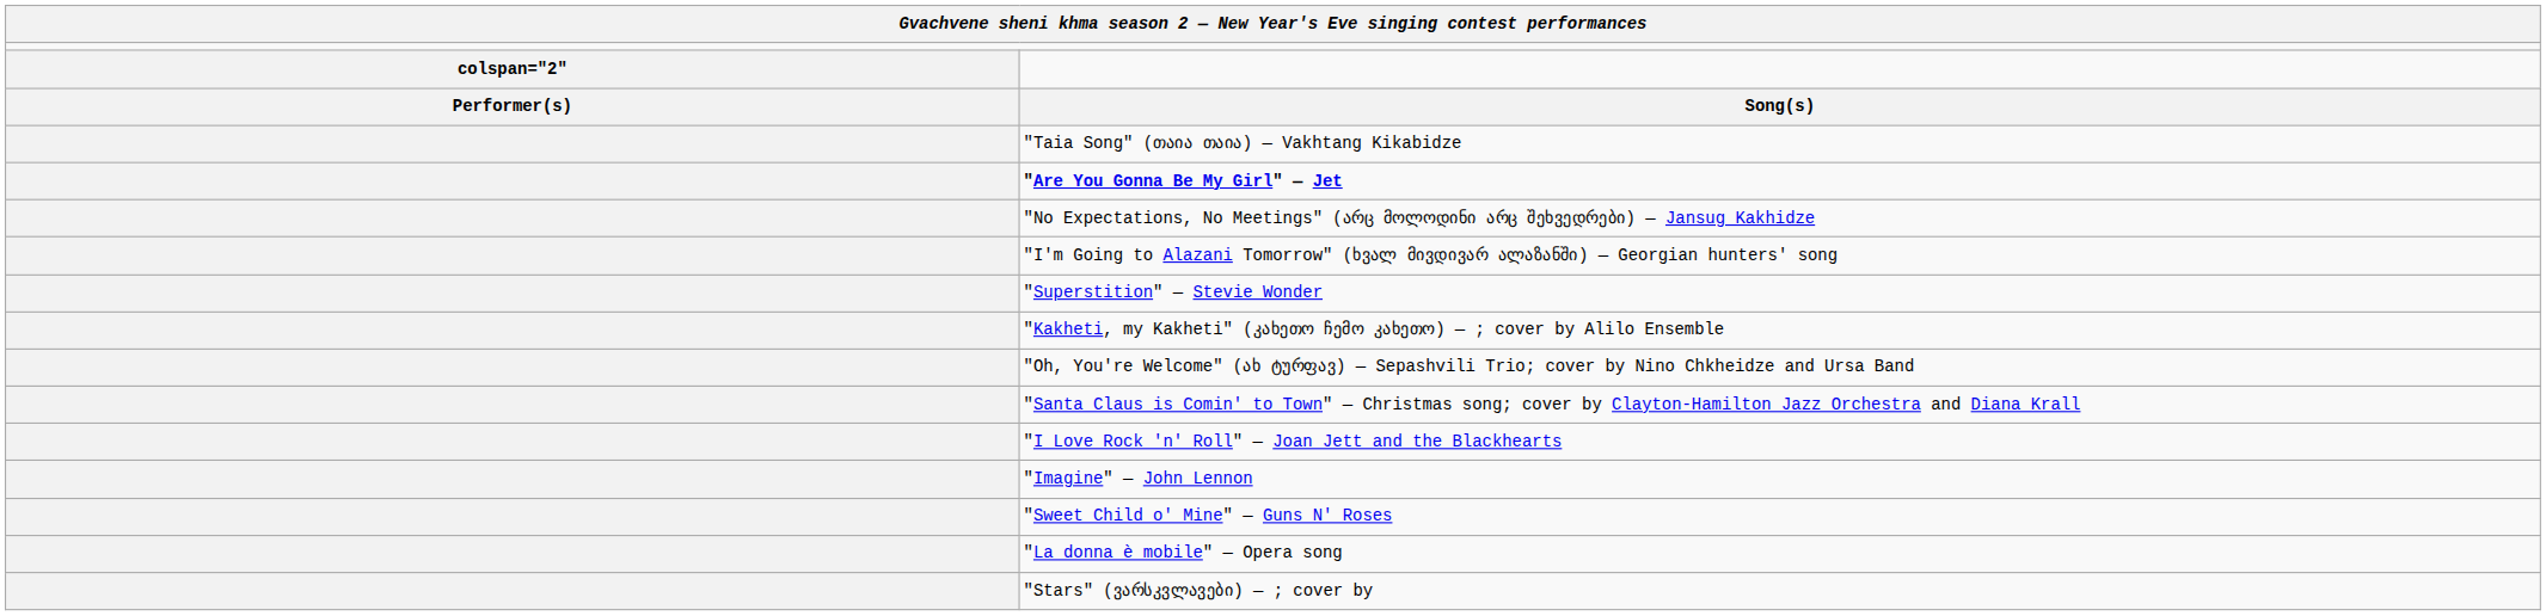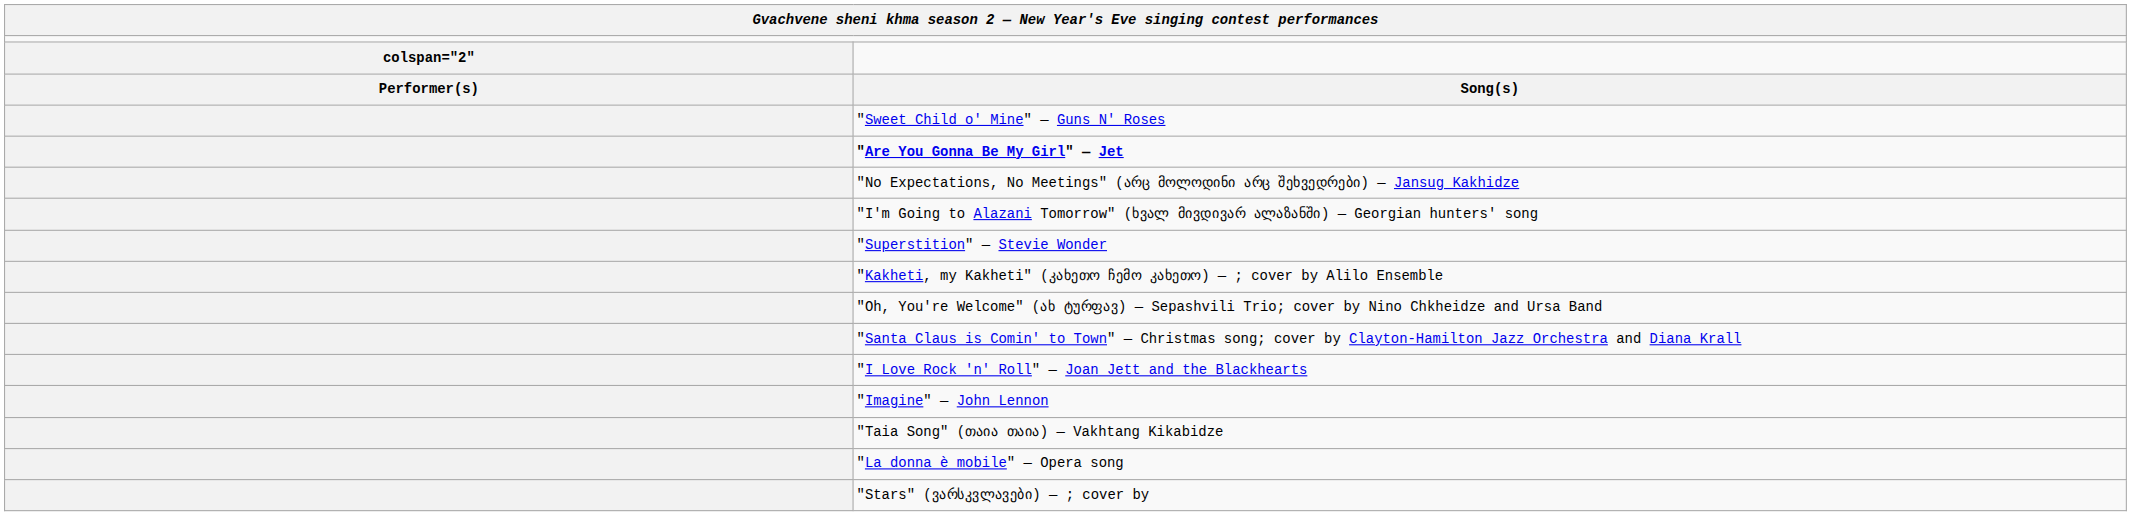 <table class="wikitable plainrowheaders mw-collapsible" style="line-height:23px; width:100%;">
 <tr>
 <th colspan=2><em>Gvachvene sheni khma season 2 — New Year's Eve singing contest performances</em></th>
 </tr>
 <tr>
 <td colspan=2></td>
 </tr>
 <tr>
 <th>colspan="2" </th>
 </tr>
 <tr>
 <th width=40%>Performer(s)</th>
 <th>Song(s)</th>
 </tr>
 <tr>
 <th></th>
-<td>"Taia Song" (თაია თაია) — Vakhtang Kikabidze</td>
+<td>"<a href='#'>Sweet Child o' Mine</a>" — <a href='#'>Guns N' Roses</a></td>
 </tr>
 <tr>
 <th></th>
 <td><strong>"<a href='#'>Are You Gonna Be My Girl</a>" — <a href='#'>Jet</a></strong></td>
 </tr>
 <tr>
 <th></th>
 <td>"No Expectations, No Meetings" (არც მოლოდინი არც შეხვედრები) — <a href='#'>Jansug Kakhidze</a></td>
 </tr>
 <tr>
 <th></th>
 <td>"I'm Going to <a href='#'>Alazani</a> Tomorrow" (ხვალ მივდივარ ალაზანში) — Georgian hunters' song</td>
 </tr>
 <tr>
 <th></th>
 <td>"<a href='#'>Superstition</a>" — <a href='#'>Stevie Wonder</a></td>
 </tr>
 <tr>
 <th></th>
 <td>"<a href='#'>Kakheti</a>, my Kakheti" (კახეთო ჩემო კახეთო) — ; cover by Alilo Ensemble</td>
 </tr>
 <tr>
 <th></th>
 <td>"Oh, You're Welcome" (ახ ტურფავ) — Sepashvili Trio; cover by Nino Chkheidze and Ursa Band</td>
 </tr>
 <tr>
 <th></th>
 <td>"<a href='#'>Santa Claus is Comin' to Town</a>" — Christmas song; cover by <a href='#'>Clayton-Hamilton Jazz Orchestra</a> and <a href='#'>Diana Krall</a></td>
 </tr>
 <tr>
 <th></th>
 <td>"<a href='#'>I Love Rock 'n' Roll</a>" — <a href='#'>Joan Jett and the Blackhearts</a></td>
 </tr>
 <tr>
 <th></th>
 <td>"<a href='#'>Imagine</a>" — <a href='#'>John Lennon</a></td>
 </tr>
 <tr>
 <th></th>
-<td>"<a href='#'>Sweet Child o' Mine</a>" — <a href='#'>Guns N' Roses</a></td>
+<td>"Taia Song" (თაია თაია) — Vakhtang Kikabidze</td>
 </tr>
 <tr>
 <th></th>
 <td>"<a href='#'>La donna è mobile</a>" — Opera song</td>
 </tr>
 <tr>
 <th></th>
 <td>"Stars" (ვარსკვლავები) — ; cover by </td>
 </tr>
 </table>
